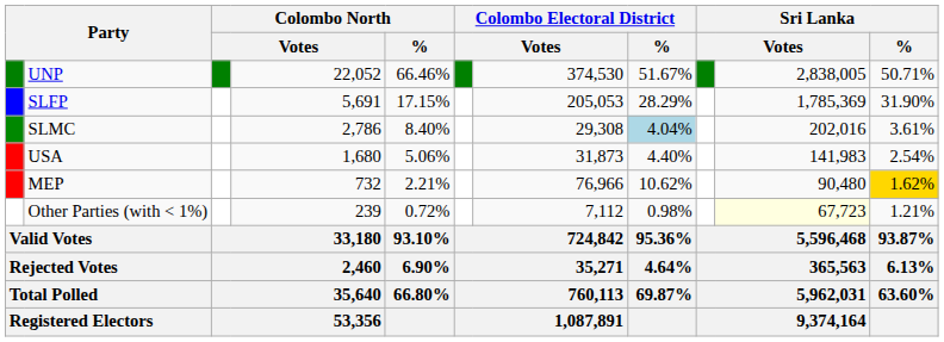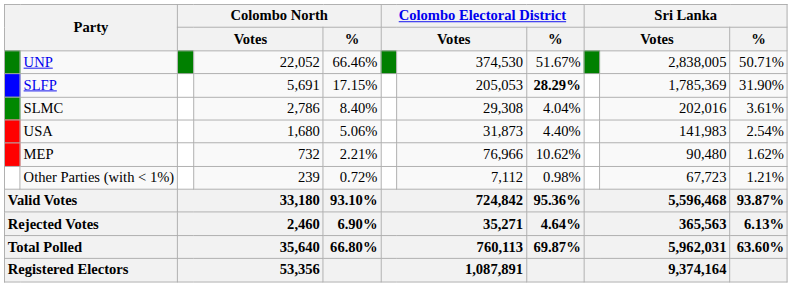 <table class="wikitable">
 <tr>
 <th colspan="2" width="144px"rowspan="2">Party</th>
 <th colspan="3" width="216px">Colombo North</th>
 <th colspan="3" width="216px"><a href='#'>Colombo Electoral District</a></th>
 <th colspan="3" width="216px">Sri Lanka</th>
 </tr>
 <tr>
 <th colspan="2" width="144px">Votes</th>
 <th>%</th>
 <th colspan="2" width="144px">Votes</th>
 <th>%</th>
 <th colspan="2" width="144px">Votes</th>
 <th>%</th>
 </tr>
 <tr>
 <td style="background-color:green;" width="10px"></td>
 <td style="text-align:left;"><a href='#'>UNP</a></td>
 <td style="background-color:green;" width="10px"></td>
 <td style="text-align:right;">22,052</td>
 <td style="text-align:right;">66.46%</td>
 <td style="background-color:green;" width="10px"></td>
 <td style="text-align:right;">374,530</td>
 <td style="text-align:right;">51.67%</td>
 <td style="background-color:green;" width="10px"></td>
 <td style="text-align:right;">2,838,005</td>
 <td style="text-align:right;">50.71%</td>
 </tr>
 <tr>
 <td style="background-color:blue;" width="10px"></td>
 <td style="text-align:left;"><a href='#'>SLFP</a></td>
 <td style="background-color:white;" width="10px"></td>
 <td style="text-align:right;">5,691</td>
 <td style="text-align:right;">17.15%</td>
 <td style="background-color:white;" width="10px"></td>
 <td style="text-align:right;">205,053</td>
-<td style="text-align:right;">28.29%</td>
+<td style="text-align:right;"><strong>28.29%</strong></td>
 <td style="background-color:white;" width="10px"></td>
 <td style="text-align:right;">1,785,369</td>
 <td style="text-align:right;">31.90%</td>
 </tr>
 <tr>
 <td style="background-color:#008800;" width="10px"></td>
 <td style="text-align:left;">SLMC</td>
 <td style="background-color:white;" width="10px"></td>
 <td style="text-align:right;">2,786</td>
 <td style="text-align:right;">8.40%</td>
 <td style="background-color:white;" width="10px"></td>
 <td style="text-align:right;">29,308</td>
-<td style="background: lightblue; text-align:right;">4.04%</td>
+<td style="text-align:right;">4.04%</td>
 <td style="background-color:white;" width="10px"></td>
 <td style="text-align:right;">202,016</td>
 <td style="text-align:right;">3.61%</td>
 </tr>
 <tr>
 <td style="background-color:red;" width="10px"></td>
 <td style="text-align:left;">USA</td>
 <td style="background-color:white;" width="10px"></td>
 <td style="text-align:right;">1,680</td>
 <td style="text-align:right;">5.06%</td>
 <td style="background-color:white;" width="10px"></td>
 <td style="text-align:right;">31,873</td>
 <td style="text-align:right;">4.40%</td>
 <td style="background-color:white;" width="10px"></td>
 <td style="text-align:right;">141,983</td>
 <td style="text-align:right;">2.54%</td>
 </tr>
 <tr>
 <td style="background-color:red;" width="10px"></td>
 <td style="text-align:left;">MEP</td>
 <td style="background-color:white;" width="10px"></td>
 <td style="text-align:right;">732</td>
 <td style="text-align:right;">2.21%</td>
 <td style="background-color:white;" width="10px"></td>
 <td style="text-align:right;">76,966</td>
 <td style="text-align:right;">10.62%</td>
 <td style="background-color:white;" width="10px"></td>
 <td style="text-align:right;">90,480</td>
-<td style="background: gold; text-align:right;">1.62%</td>
+<td style="text-align:right;">1.62%</td>
 </tr>
 <tr>
 <td style="background-color:white;" width="10px"></td>
 <td style="text-align:left;">Other Parties (with < 1%)</td>
 <td style="background-color:white;" width="10px"></td>
 <td style="text-align:right;">239</td>
 <td style="text-align:right;">0.72%</td>
 <td style="background-color:white;" width="10px"></td>
 <td style="text-align:right;">7,112</td>
 <td style="text-align:right;">0.98%</td>
 <td style="background-color:white;" width="10px"></td>
-<td style="background: lightyellow; text-align:right;">67,723</td>
+<td style="text-align:right;">67,723</td>
 <td style="text-align:right;">1.21%</td>
 </tr>
 <tr>
 <th colspan="2" width="144px"style="text-align:left;">Valid Votes</th>
 <th style="text-align:right;"colspan="2" width="144px">33,180</th>
 <th style="text-align:right;">93.10%</th>
 <th style="text-align:right;"colspan="2" width="144px">724,842</th>
 <th style="text-align:right;">95.36%</th>
 <th style="text-align:right;"colspan="2" width="144px">5,596,468</th>
 <th style="text-align:right;">93.87%</th>
 </tr>
 <tr>
 <th colspan="2" width="144px"style="text-align:left;">Rejected Votes</th>
 <th style="text-align:right;"colspan="2" width="144px">2,460</th>
 <th style="text-align:right;">6.90%</th>
 <th style="text-align:right;"colspan="2" width="144px">35,271</th>
 <th style="text-align:right;">4.64%</th>
 <th style="text-align:right;"colspan="2" width="144px">365,563</th>
 <th style="text-align:right;">6.13%</th>
 </tr>
 <tr>
 <th colspan="2" width="144px"style="text-align:left;">Total Polled</th>
 <th style="text-align:right;"colspan="2" width="144px">35,640</th>
 <th style="text-align:right;">66.80%</th>
 <th style="text-align:right;"colspan="2" width="144px">760,113</th>
 <th style="text-align:right;">69.87%</th>
 <th style="text-align:right;"colspan="2" width="144px">5,962,031</th>
 <th style="text-align:right;">63.60%</th>
 </tr>
 <tr>
 <th colspan="2" width="144px"style="text-align:left;">Registered Electors</th>
 <th style="text-align:right;"colspan="2" width="144px">53,356</th>
 <th></th>
 <th style="text-align:right;"colspan="2" width="144px">1,087,891</th>
 <th></th>
 <th style="text-align:right;"colspan="2" width="144px">9,374,164</th>
 <th></th>
 </tr>
 </table>
